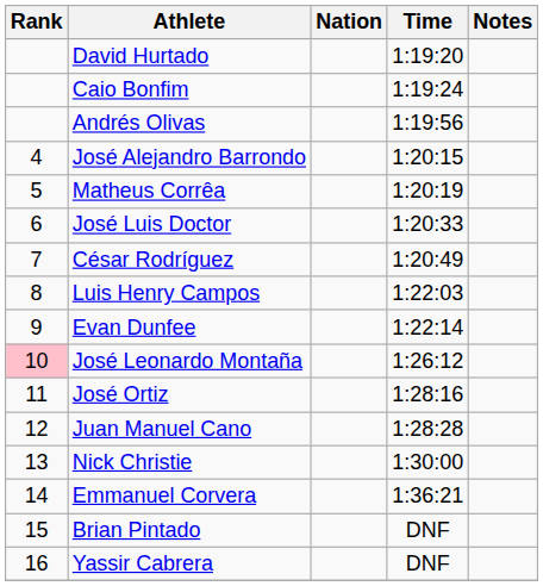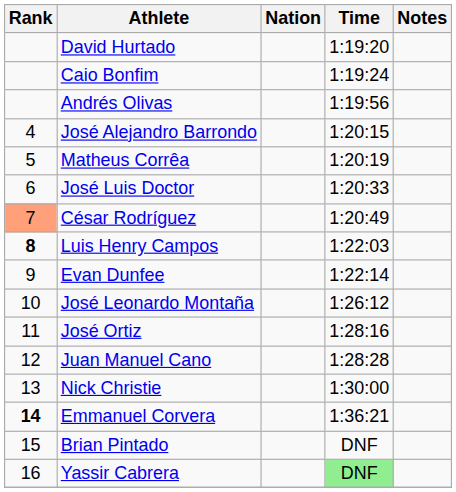 <table class="wikitable sortable" style="text-align:center">
 <tr>
 <th>Rank</th>
 <th>Athlete</th>
 <th>Nation</th>
 <th>Time</th>
 <th>Notes</th>
 </tr>
 <tr>
 <td></td>
 <td align=left><a href='#'>David Hurtado</a></td>
 <td align=left></td>
 <td>1:19:20</td>
 <td><strong></strong></td>
 </tr>
 <tr>
 <td></td>
 <td align=left><a href='#'>Caio Bonfim</a></td>
 <td align=left></td>
 <td>1:19:24</td>
 <td></td>
 </tr>
 <tr>
 <td></td>
 <td align=left><a href='#'>Andrés Olivas</a></td>
 <td align=left></td>
 <td>1:19:56</td>
 <td></td>
 </tr>
 <tr>
 <td>4</td>
 <td align=left><a href='#'>José Alejandro Barrondo</a></td>
 <td align=left></td>
 <td>1:20:15</td>
 <td></td>
 </tr>
 <tr>
 <td>5</td>
 <td align=left><a href='#'>Matheus Corrêa</a></td>
 <td align=left></td>
 <td>1:20:19</td>
 <td></td>
 </tr>
 <tr>
 <td>6</td>
 <td align=left><a href='#'>José Luis Doctor</a></td>
 <td align=left></td>
 <td>1:20:33</td>
 <td></td>
 </tr>
 <tr>
-<td>7</td>
+<td style="background: lightsalmon;">7</td>
 <td align=left><a href='#'>César Rodríguez</a></td>
 <td align=left></td>
 <td>1:20:49</td>
 <td></td>
 </tr>
 <tr>
-<td>8</td>
+<td><strong>8</strong></td>
 <td align=left><a href='#'>Luis Henry Campos</a></td>
 <td align=left></td>
 <td>1:22:03</td>
 <td></td>
 </tr>
 <tr>
 <td>9</td>
 <td align=left><a href='#'>Evan Dunfee</a></td>
 <td align=left></td>
 <td>1:22:14</td>
 <td></td>
 </tr>
 <tr>
-<td style="background: pink;">10</td>
+<td>10</td>
 <td align=left><a href='#'>José Leonardo Montaña</a></td>
 <td align=left></td>
 <td>1:26:12</td>
 <td></td>
 </tr>
 <tr>
 <td>11</td>
 <td align=left><a href='#'>José Ortiz</a></td>
 <td align=left></td>
 <td>1:28:16</td>
 <td></td>
 </tr>
 <tr>
 <td>12</td>
 <td align=left><a href='#'>Juan Manuel Cano</a></td>
 <td align=left></td>
 <td>1:28:28</td>
 <td></td>
 </tr>
 <tr>
 <td>13</td>
 <td align=left><a href='#'>Nick Christie</a></td>
 <td align=left></td>
 <td>1:30:00</td>
 <td></td>
 </tr>
 <tr>
-<td>14</td>
+<td><strong>14</strong></td>
 <td align=left><a href='#'>Emmanuel Corvera</a></td>
 <td align=left></td>
 <td>1:36:21</td>
 <td></td>
 </tr>
 <tr>
 <td>15</td>
 <td align=left><a href='#'>Brian Pintado</a></td>
 <td align=left></td>
 <td>DNF</td>
 <td></td>
 </tr>
 <tr>
 <td>16</td>
 <td align=left><a href='#'>Yassir Cabrera</a></td>
 <td align=left></td>
-<td>DNF</td>
+<td style="background: lightgreen;">DNF</td>
 <td></td>
 </tr>
 <tr>
 </tr>
 </table>
